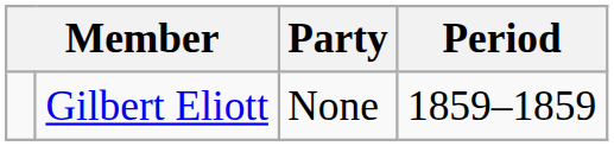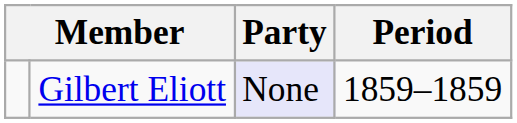 <table class="wikitable">
 <tr>
 <th colspan="2">Member</th>
 <th>Party</th>
 <th>Period</th>
 </tr>
 <tr>
 <td> </td>
 <td><a href='#'>Gilbert Eliott</a></td>
-<td>None</td>
+<td style="background: lavender;">None</td>
 <td>1859–1859</td>
 </tr>
 </table>
